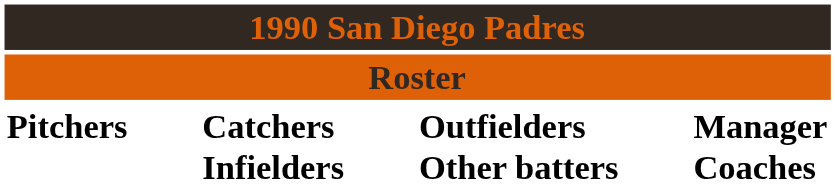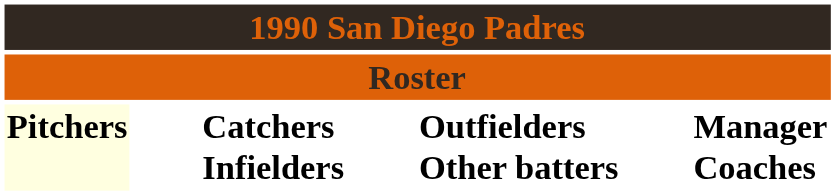 <table class="toccolours" style="font-size: 95%;">
 <tr>
 <th colspan="10" style="background-color: #312821; color: #de6108; text-align: center;">1990 San Diego Padres</th>
 </tr>
 <tr>
 <td colspan="10" style="background-color: #de6108; color: #312821; text-align: center;"><strong>Roster</strong></td>
 </tr>
 <tr>
-<td valign="top"><strong>Pitchers</strong><br>               </td>
+<td valign="top" style="background: lightyellow;"><strong>Pitchers</strong><br>               </td>
 <td width="25px"></td>
 <td valign="top"><strong>Catchers</strong><br>    <strong>Infielders</strong>          </td>
 <td width="25px"></td>
 <td valign="top"><strong>Outfielders</strong><br>       <strong>Other batters</strong> </td>
 <td width="25px"></td>
 <td valign="top"><strong>Manager</strong><br>  <strong>Coaches</strong>       </td>
 </tr>
 </table>
